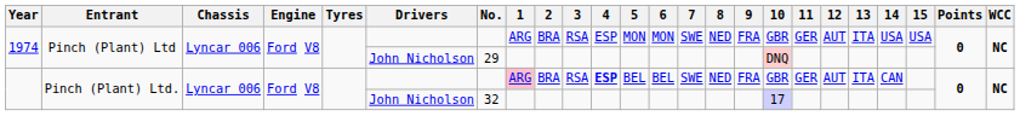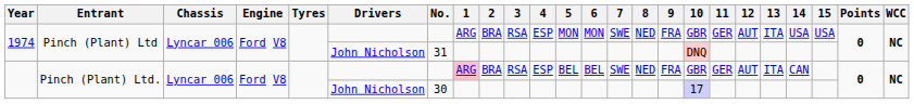 <table class="wikitable" style="text-align:center; font-size:90%">
 <tr>
 <th>Year</th>
 <th>Entrant</th>
 <th>Chassis</th>
 <th>Engine</th>
 <th>Tyres</th>
 <th>Drivers</th>
 <th>No.</th>
 <th>1</th>
 <th>2</th>
 <th>3</th>
 <th>4</th>
 <th>5</th>
 <th>6</th>
 <th>7</th>
 <th>8</th>
 <th>9</th>
 <th>10</th>
 <th>11</th>
 <th>12</th>
 <th>13</th>
 <th>14</th>
 <th>15</th>
 <th>Points</th>
 <th>WCC</th>
 </tr>
 <tr>
 <td rowspan="2"><a href='#'>1974</a></td>
 <td rowspan="2">Pinch (Plant) Ltd</td>
 <td rowspan="2"><a href='#'>Lyncar 006</a></td>
 <td rowspan="2"><a href='#'>Ford</a> <a href='#'>V8</a></td>
 <td rowspan="2"></td>
 <td></td>
 <td></td>
 <td><a href='#'>ARG</a></td>
 <td><a href='#'>BRA</a></td>
 <td><a href='#'>RSA</a></td>
 <td><a href='#'>ESP</a></td>
 <td><a href='#'>MON</a></td>
 <td><a href='#'>MON</a></td>
 <td><a href='#'>SWE</a></td>
 <td><a href='#'>NED</a></td>
 <td><a href='#'>FRA</a></td>
 <td><a href='#'>GBR</a></td>
 <td><a href='#'>GER</a></td>
 <td><a href='#'>AUT</a></td>
 <td><a href='#'>ITA</a></td>
 <td><a href='#'>USA</a></td>
 <td><a href='#'>USA</a></td>
 <td rowspan="2"><strong>0</strong></td>
 <td rowspan="2"><strong>NC</strong></td>
 </tr>
 <tr>
 <td align="left"> <a href='#'>John Nicholson</a></td>
-<td>29</td>
+<td>31</td>
 <td></td>
 <td></td>
 <td></td>
 <td></td>
 <td></td>
 <td></td>
 <td></td>
 <td></td>
 <td></td>
 <td style="background:#ffcfcf;">DNQ</td>
 <td></td>
 <td></td>
 <td></td>
 <td></td>
 <td></td>
 </tr>
 <tr>
 <td rowspan="2"></td>
 <td rowspan="2">Pinch (Plant) Ltd.</td>
 <td rowspan="2"><a href='#'>Lyncar 006</a></td>
 <td rowspan="2"><a href='#'>Ford</a> <a href='#'>V8</a></td>
 <td rowspan="2"></td>
 <td></td>
 <td></td>
 <td style="background: pink;"><a href='#'>ARG</a></td>
 <td><a href='#'>BRA</a></td>
 <td><a href='#'>RSA</a></td>
-<td><strong><a href='#'>ESP</a></strong></td>
+<td><a href='#'>ESP</a></td>
 <td><a href='#'>BEL</a></td>
 <td><a href='#'>BEL</a></td>
 <td><a href='#'>SWE</a></td>
 <td><a href='#'>NED</a></td>
 <td><a href='#'>FRA</a></td>
 <td><a href='#'>GBR</a></td>
 <td><a href='#'>GER</a></td>
 <td><a href='#'>AUT</a></td>
 <td><a href='#'>ITA</a></td>
 <td><a href='#'>CAN</a></td>
 <td></td>
 <td rowspan="2"><strong>0</strong></td>
 <td rowspan="2"><strong>NC</strong></td>
 </tr>
 <tr>
 <td align="left"> <a href='#'>John Nicholson</a></td>
-<td>32</td>
+<td>30</td>
 <td></td>
 <td></td>
 <td></td>
 <td></td>
 <td></td>
 <td></td>
 <td></td>
 <td></td>
 <td></td>
 <td style="background:#CFCFFF;">17</td>
 <td></td>
 <td></td>
 <td></td>
 <td></td>
 <td></td>
 </tr>
 </table>
